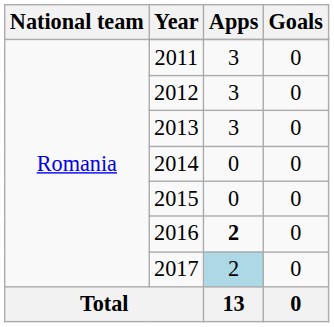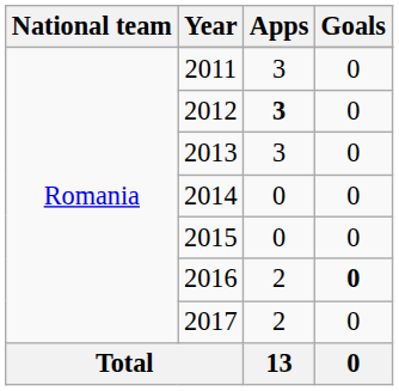 <table class="wikitable" style="text-align:center">
 <tr>
 <th>National team</th>
 <th>Year</th>
 <th>Apps</th>
 <th>Goals</th>
 </tr>
 <tr>
 <td rowspan="8"><a href='#'>Romania</a></td>
 </tr>
 <tr>
 <td>2011</td>
 <td>3</td>
 <td>0</td>
 </tr>
 <tr>
 <td>2012</td>
-<td>3</td>
+<td><strong>3</strong></td>
 <td>0</td>
 </tr>
 <tr>
 <td>2013</td>
 <td>3</td>
 <td>0</td>
 </tr>
 <tr>
 <td>2014</td>
 <td>0</td>
 <td>0</td>
 </tr>
 <tr>
 <td>2015</td>
 <td>0</td>
 <td>0</td>
 </tr>
 <tr>
 <td>2016</td>
-<td><strong>2</strong></td>
-<td>0</td>
+<td>2</td>
+<td><strong>0</strong></td>
 </tr>
 <tr>
 <td>2017</td>
-<td style="background: lightblue;">2</td>
+<td>2</td>
 <td>0</td>
 </tr>
 <tr>
 <th colspan=2>Total</th>
 <th>13</th>
 <th>0</th>
 </tr>
 </table>
